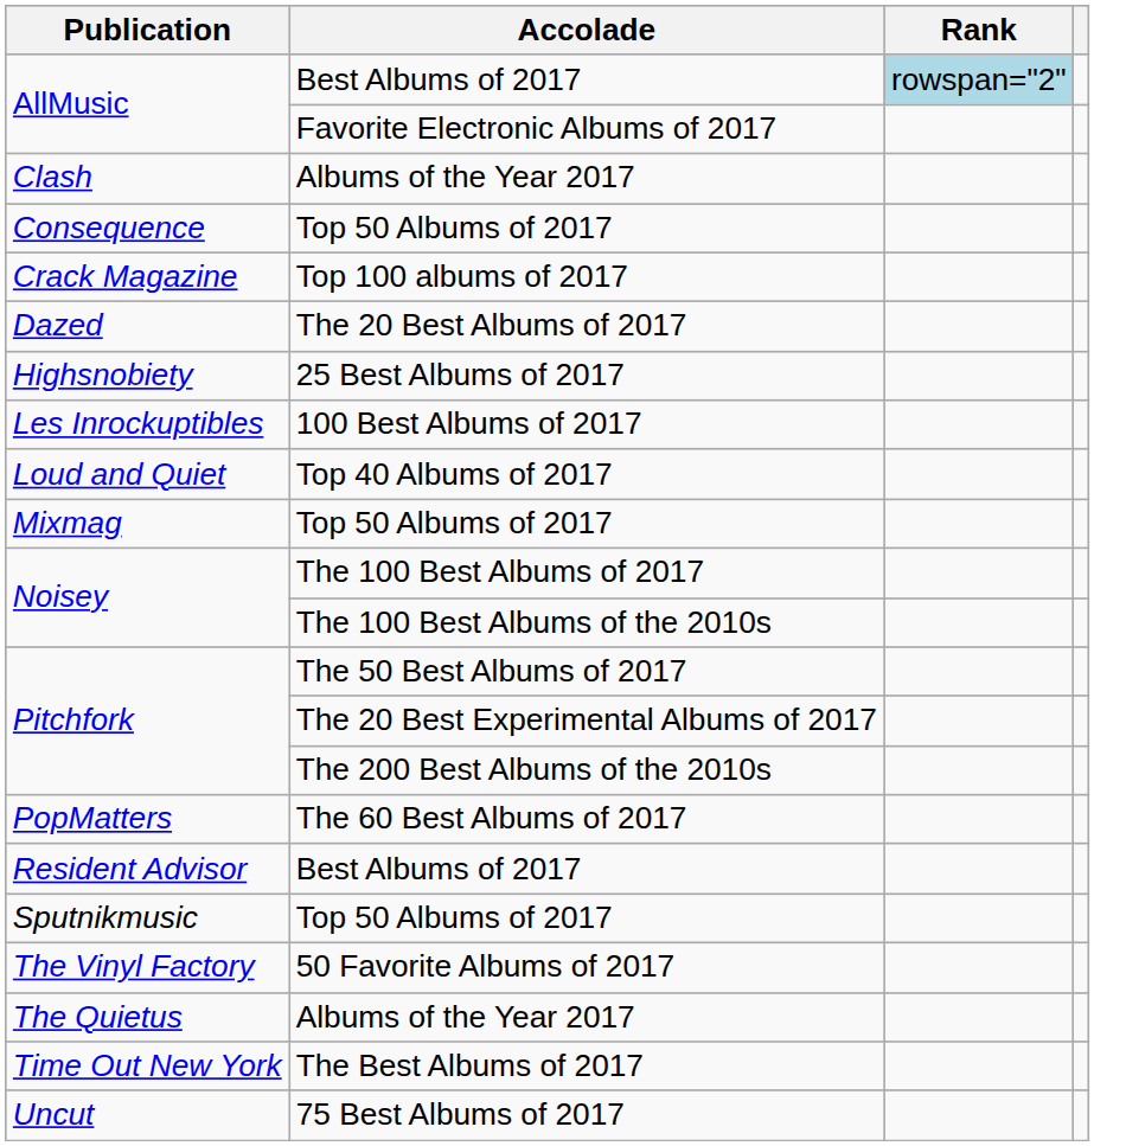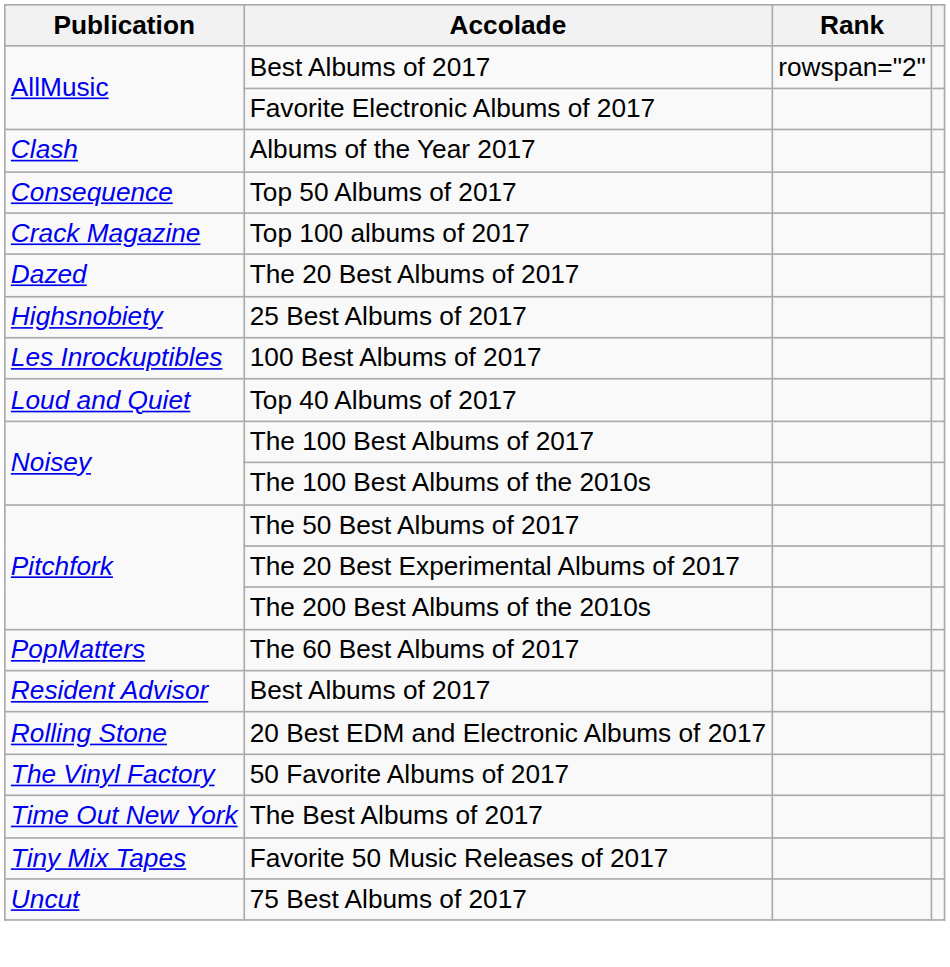 <table class="sortable wikitable">
 <tr>
 <th>Publication</th>
 <th>Accolade</th>
 <th>Rank</th>
 <th class="unsortable"></th>
 </tr>
 <tr>
 <td rowspan="2"><a href='#'>AllMusic</a></td>
 <td>Best Albums of 2017</td>
-<td style="background: lightblue;">rowspan="2" </td>
+<td>rowspan="2" </td>
 <td></td>
 </tr>
 <tr>
 <td>Favorite Electronic Albums of 2017</td>
 <td></td>
 </tr>
 <tr>
 <td><em><a href='#'>Clash</a></em></td>
 <td>Albums of the Year 2017</td>
 <td></td>
 <td></td>
 </tr>
 <tr>
 <td><em><a href='#'>Consequence</a></em></td>
 <td>Top 50 Albums of 2017</td>
 <td></td>
 <td></td>
 </tr>
 <tr>
 <td><em><a href='#'>Crack Magazine</a></em></td>
 <td>Top 100 albums of 2017</td>
 <td></td>
 <td></td>
 </tr>
 <tr>
 <td><em><a href='#'>Dazed</a></em></td>
 <td>The 20 Best Albums of 2017</td>
 <td></td>
 <td></td>
 </tr>
 <tr>
 <td><em><a href='#'>Highsnobiety</a></em></td>
 <td>25 Best Albums of 2017</td>
 <td></td>
 <td></td>
 </tr>
 <tr>
 <td><em><a href='#'>Les Inrockuptibles</a></em></td>
 <td>100 Best Albums of 2017</td>
 <td></td>
 <td></td>
 </tr>
 <tr>
 <td><em><a href='#'>Loud and Quiet</a></em></td>
 <td>Top 40 Albums of 2017</td>
 <td></td>
 <td></td>
 </tr>
 <tr>
-<td><em><a href='#'>Mixmag</a></em></td>
-<td>Top 50 Albums of 2017</td>
-<td></td>
-<td></td>
-</tr>
-<tr>
 <td rowspan="2"><em><a href='#'>Noisey</a></em></td>
 <td>The 100 Best Albums of 2017</td>
 <td></td>
 <td></td>
 </tr>
 <tr>
 <td>The 100 Best Albums of the 2010s</td>
 <td></td>
 <td></td>
 </tr>
 <tr>
 <td rowspan="3"><em><a href='#'>Pitchfork</a></em></td>
 <td>The 50 Best Albums of 2017</td>
 <td></td>
 <td></td>
 </tr>
 <tr>
 <td>The 20 Best Experimental Albums of 2017</td>
 <td></td>
 <td></td>
 </tr>
 <tr>
 <td>The 200 Best Albums of the 2010s</td>
 <td></td>
 <td></td>
 </tr>
 <tr>
 <td><em><a href='#'>PopMatters</a></em></td>
 <td>The 60 Best Albums of 2017</td>
 <td></td>
 <td></td>
 </tr>
 <tr>
 <td><em><a href='#'>Resident Advisor</a></em></td>
 <td>Best Albums of 2017</td>
 <td></td>
 <td></td>
 </tr>
 <tr>
-<td><em>Sputnikmusic</em></td>
-<td>Top 50 Albums of 2017</td>
+<td><em><a href='#'>Rolling Stone</a></em></td>
+<td>20 Best EDM and Electronic Albums of 2017</td>
 <td></td>
 <td></td>
 </tr>
 <tr>
 <td><em><a href='#'>The Vinyl Factory</a></em></td>
 <td>50 Favorite Albums of 2017</td>
 <td></td>
 <td></td>
 </tr>
 <tr>
-<td><em><a href='#'>The Quietus</a></em></td>
-<td>Albums of the Year 2017</td>
+<td><em><a href='#'>Time Out New York</a></em></td>
+<td>The Best Albums of 2017</td>
 <td></td>
 <td></td>
 </tr>
 <tr>
-<td><em><a href='#'>Time Out New York</a></em></td>
-<td>The Best Albums of 2017</td>
+<td><em><a href='#'>Tiny Mix Tapes</a></em></td>
+<td>Favorite 50 Music Releases of 2017</td>
 <td></td>
 <td></td>
 </tr>
 <tr>
 <td><em><a href='#'>Uncut</a></em></td>
 <td>75 Best Albums of 2017</td>
 <td></td>
 <td></td>
 </tr>
 </table>
